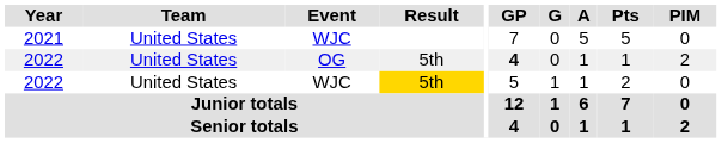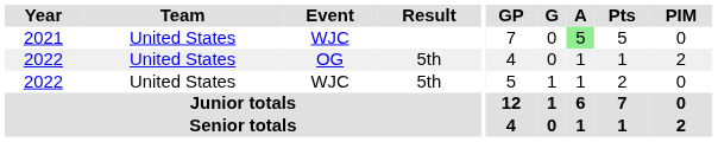 <table border="0" cellpadding="1" cellspacing="0" ID="Table3" style="text-align:center; width:40em;">
 <tr bgcolor="#e0e0e0">
 <th>Year</th>
 <th>Team</th>
 <th>Event</th>
 <th>Result</th>
 <th rowspan="98" bgcolor="#ffffff"></th>
 <th>GP</th>
 <th>G</th>
 <th>A</th>
 <th>Pts</th>
 <th>PIM</th>
 </tr>
 <tr>
 <td><a href='#'>2021</a></td>
 <td><a href='#'>United States</a></td>
 <td><a href='#'>WJC</a></td>
 <td></td>
 <td>7</td>
 <td>0</td>
-<td>5</td>
+<td style="background: lightgreen;">5</td>
 <td>5</td>
 <td>0</td>
 </tr>
 <tr bgcolor="#f0f0f0">
 <td><a href='#'>2022</a></td>
 <td><a href='#'>United States</a></td>
 <td><a href='#'>OG</a></td>
 <td>5th</td>
-<td><strong>4</strong></td>
+<td>4</td>
 <td>0</td>
 <td>1</td>
 <td>1</td>
 <td>2</td>
 </tr>
 <tr>
 <td><a href='#'>2022</a></td>
 <td>United States</td>
 <td>WJC</td>
-<td style="background: gold;">5th</td>
+<td>5th</td>
 <td>5</td>
 <td>1</td>
 <td>1</td>
 <td>2</td>
 <td>0</td>
 </tr>
 <tr bgcolor="#e0e0e0">
 <th colspan="4">Junior totals</th>
 <th>12</th>
 <th>1</th>
 <th>6</th>
 <th>7</th>
 <th>0</th>
 </tr>
 <tr bgcolor="#e0e0e0">
 <th colspan="4">Senior totals</th>
 <th>4</th>
 <th>0</th>
 <th>1</th>
 <th>1</th>
 <th>2</th>
 </tr>
 </table>
